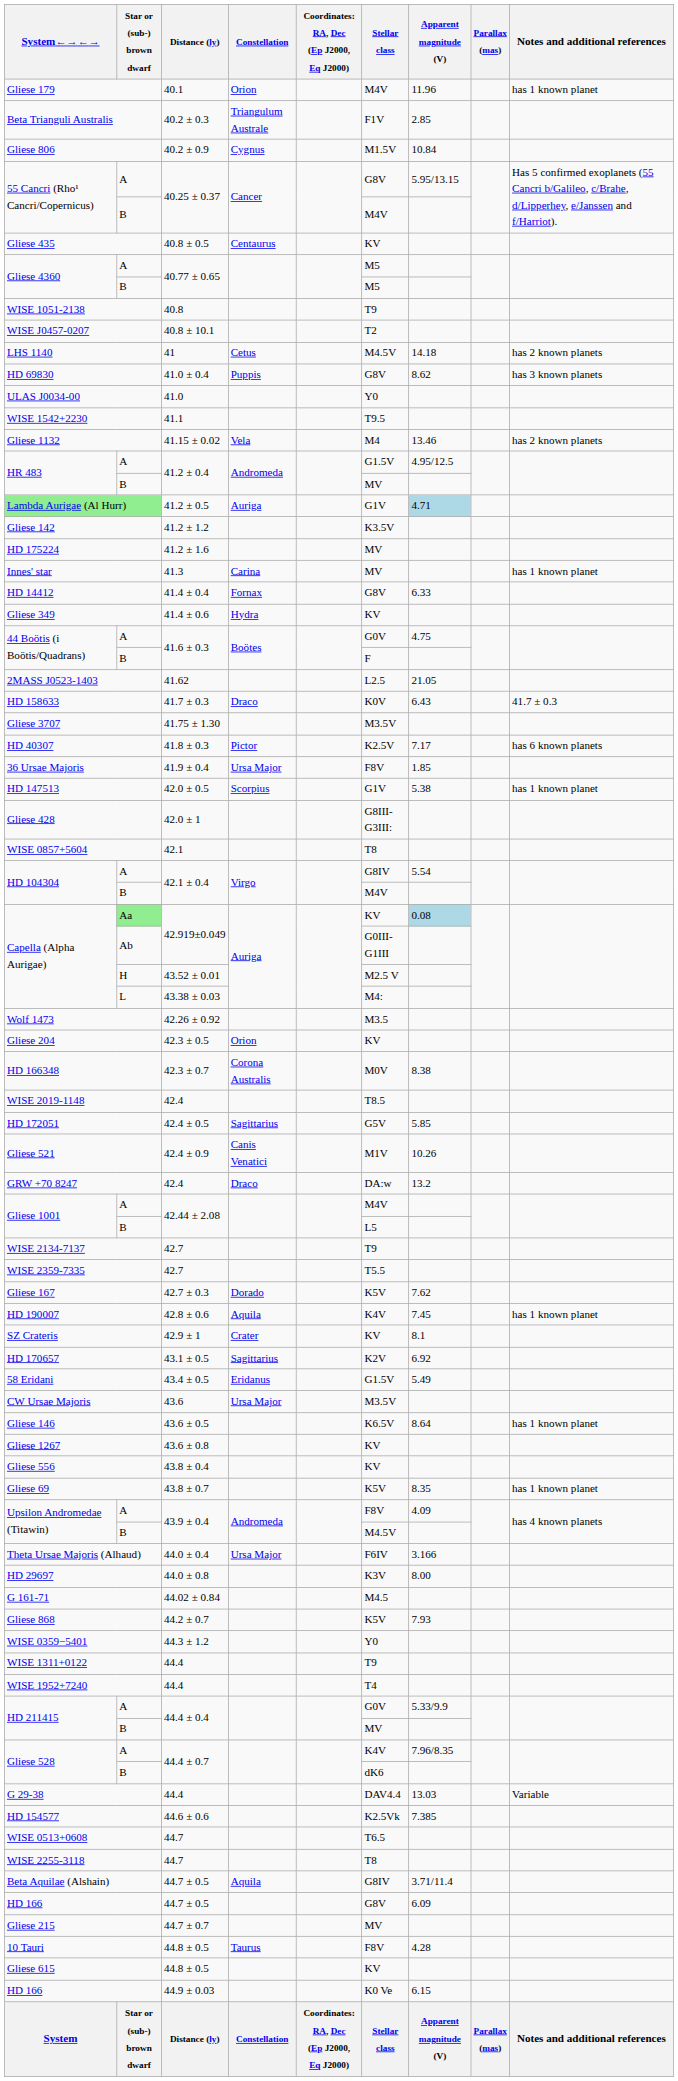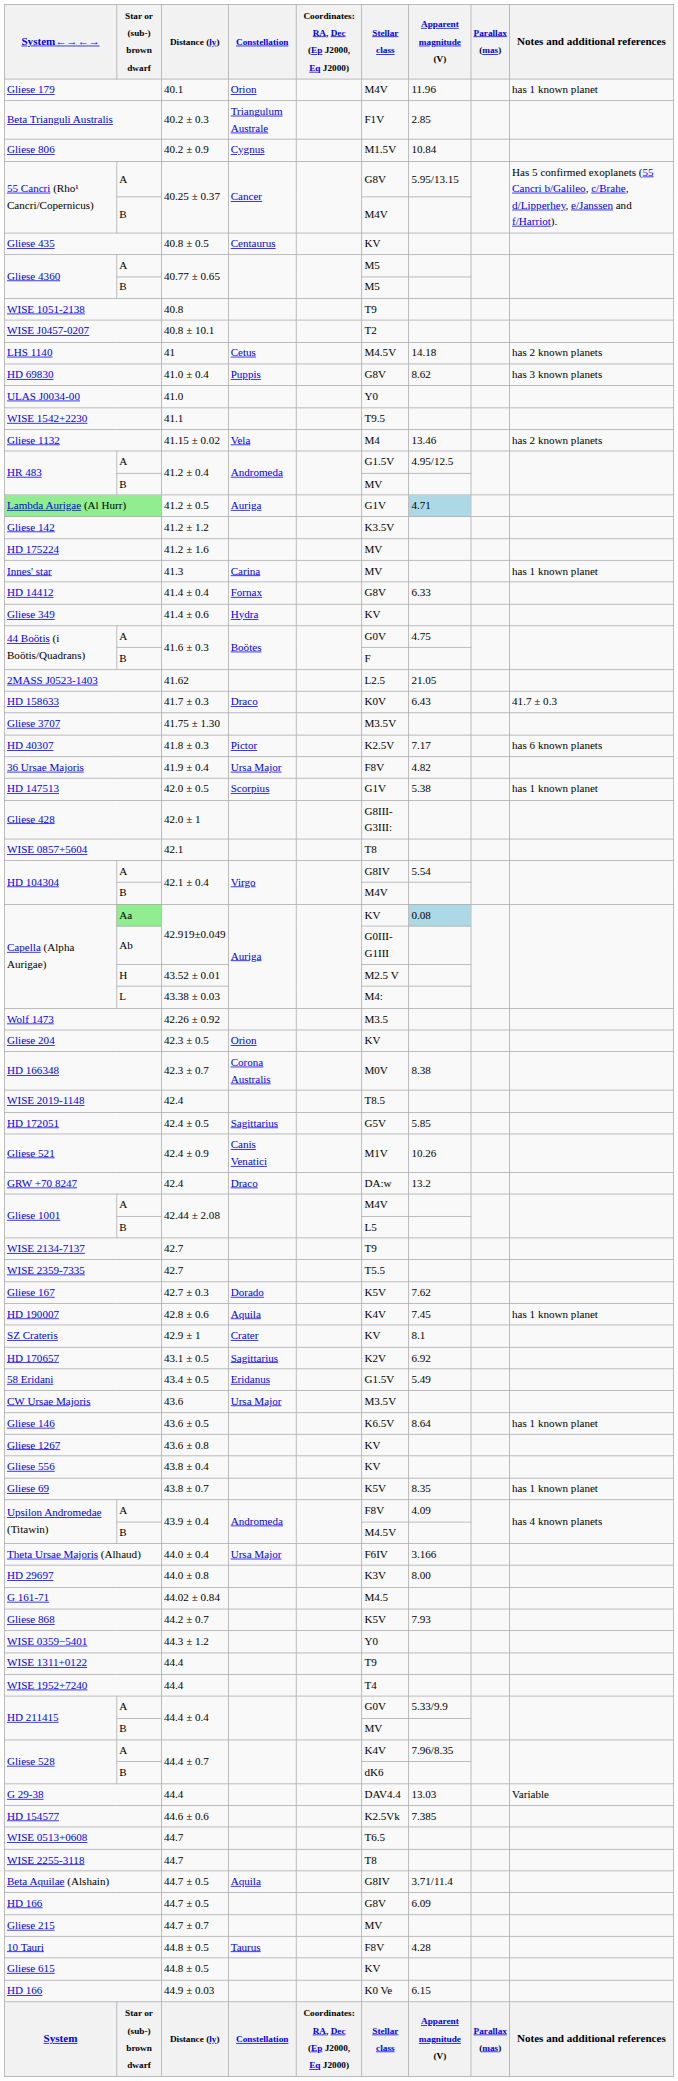 <table class="wikitable sortable" style="font-size:90%; line-height:1.5em; position:relative">
 <tr>
 <th scope="col"><a href='#'>System</a><span><a href='#'>←</a></span><span><a href='#'>→</a></span><span><a href='#'>←</a></span><span><a href='#'>→</a></span></th>
 <th><small>Star or<br>(sub-) brown dwarf</small></th>
 <th scope="col"><small>Distance (<a href='#'>ly</a>)</small></th>
 <th><small><a href='#'>Constellation</a></small></th>
 <th><small>Coordinates:<br><a href='#'>RA</a>, <a href='#'>Dec</a><br>(<a href='#'>Ep</a> J2000, <a href='#'>Eq</a> J2000)</small></th>
 <th scope="col"><small><a href='#'>Stellar<br>class</a></small></th>
 <th scope="col"><small><a href='#'>Apparent magnitude</a><br>(V)</small></th>
 <th scope="col"><small><a href='#'>Parallax</a><br>(<a href='#'>mas</a>)</small></th>
 <th scope="col">Notes and additional references</th>
 </tr>
 <tr>
 <td colspan = '2'><a href='#'>Gliese 179</a></td>
 <td>40.1 </td>
 <td><a href='#'>Orion</a></td>
 <td></td>
 <td style="background: ">M4V</td>
 <td>11.96</td>
 <td></td>
 <td>has 1 known planet</td>
 </tr>
 <tr>
 <td colspan = '2'><a href='#'>Beta Trianguli Australis</a></td>
 <td>40.2 ± 0.3</td>
 <td><a href='#'>Triangulum Australe</a></td>
 <td></td>
 <td style="background: ">F1V</td>
 <td>2.85</td>
 <td></td>
 <td></td>
 </tr>
 <tr>
 <td colspan = '2'><a href='#'>Gliese 806</a></td>
 <td>40.2 ± 0.9</td>
 <td><a href='#'>Cygnus</a></td>
 <td></td>
 <td style="background: ">M1.5V</td>
 <td>10.84</td>
 <td></td>
 <td></td>
 </tr>
 <tr>
 <td rowspan='2'><a href='#'>55 Cancri</a> (Rho¹ Cancri/Copernicus)</td>
 <td>A</td>
 <td rowspan='2'>40.25 ± 0.37</td>
 <td rowspan='2'><a href='#'>Cancer</a></td>
 <td rowspan='2'></td>
 <td style="background: ">G8V</td>
 <td>5.95/13.15</td>
 <td rowspan='2'></td>
 <td rowspan='2'>Has 5 confirmed exoplanets (<a href='#'>55 Cancri b/Galileo</a>, <a href='#'>c/Brahe</a>, <a href='#'>d/Lipperhey</a>, <a href='#'>e/Janssen</a> and <a href='#'>f/Harriot</a>). </td>
 </tr>
 <tr>
 <td>B</td>
 <td style="background: ">M4V</td>
 <td></td>
 </tr>
 <tr>
 <td colspan = '2'><a href='#'>Gliese 435</a></td>
 <td>40.8 ± 0.5</td>
 <td><a href='#'>Centaurus</a></td>
 <td></td>
 <td style="background: ">KV</td>
 <td></td>
 <td></td>
 <td></td>
 </tr>
 <tr>
 <td rowspan='2'><a href='#'>Gliese 4360</a></td>
 <td>A</td>
 <td rowspan='2'>40.77 ± 0.65</td>
 <td rowspan='2'></td>
 <td rowspan='2'></td>
 <td style="background: ">M5</td>
 <td></td>
 <td rowspan='2'></td>
 <td rowspan='2'></td>
 </tr>
 <tr>
 <td>B</td>
 <td style="background: ">M5</td>
 <td></td>
 </tr>
 <tr>
 <td colspan = '2'><a href='#'>WISE 1051-2138</a></td>
 <td>40.8</td>
 <td></td>
 <td></td>
 <td style="background: ">T9</td>
 <td></td>
 <td></td>
 <td></td>
 </tr>
 <tr>
 <td colspan = '2'><a href='#'>WISE J0457-0207</a></td>
 <td>40.8 ± 10.1</td>
 <td></td>
 <td></td>
 <td style="background: ">T2</td>
 <td></td>
 <td></td>
 <td></td>
 </tr>
 <tr>
 <td colspan = '2'><a href='#'>LHS 1140</a></td>
 <td>41</td>
 <td><a href='#'>Cetus</a></td>
 <td></td>
 <td style="background: ">M4.5V</td>
 <td>14.18</td>
 <td></td>
 <td>has 2 known planets</td>
 </tr>
 <tr>
 <td colspan = '2'><a href='#'>HD 69830</a></td>
 <td>41.0 ± 0.4</td>
 <td><a href='#'>Puppis</a></td>
 <td></td>
 <td style="background: ">G8V</td>
 <td>8.62</td>
 <td></td>
 <td>has 3 known planets</td>
 </tr>
 <tr>
 <td colspan = '2'><a href='#'>ULAS J0034-00</a></td>
 <td>41.0 </td>
 <td></td>
 <td></td>
 <td style="background: ">Y0</td>
 <td></td>
 <td></td>
 <td></td>
 </tr>
 <tr>
 <td colspan = '2'><a href='#'>WISE 1542+2230</a></td>
 <td>41.1</td>
 <td></td>
 <td></td>
 <td style="background: ">T9.5</td>
 <td></td>
 <td></td>
 <td></td>
 </tr>
 <tr>
 <td colspan = '2'><a href='#'>Gliese 1132</a></td>
 <td>41.15 ± 0.02</td>
 <td><a href='#'>Vela</a></td>
 <td></td>
 <td style="background: ">M4</td>
 <td>13.46</td>
 <td></td>
 <td>has 2 known planets</td>
 </tr>
 <tr>
 <td rowspan='2'><a href='#'>HR 483</a></td>
 <td>A</td>
 <td rowspan='2'>41.2 ± 0.4</td>
 <td rowspan='2'><a href='#'>Andromeda</a></td>
 <td rowspan='2'></td>
 <td style="background: ">G1.5V</td>
 <td>4.95/12.5</td>
 <td rowspan='2'></td>
 <td rowspan='2'></td>
 </tr>
 <tr>
 <td>B</td>
 <td style="background: ">MV</td>
 <td></td>
 </tr>
 <tr>
 <td colspan = '2' style="background: lightgreen;"><a href='#'>Lambda Aurigae</a> (Al Hurr)</td>
 <td>41.2 ± 0.5</td>
 <td><a href='#'>Auriga</a></td>
 <td></td>
 <td style="background: ">G1V</td>
 <td style="background-color: lightblue">4.71</td>
 <td></td>
 <td></td>
 </tr>
 <tr>
 <td colspan = '2'><a href='#'>Gliese 142</a></td>
 <td>41.2 ± 1.2</td>
 <td></td>
 <td></td>
 <td style="background: ">K3.5V</td>
 <td></td>
 <td></td>
 <td></td>
 </tr>
 <tr>
 <td colspan = '2'><a href='#'>HD 175224</a></td>
 <td>41.2 ± 1.6</td>
 <td></td>
 <td></td>
 <td style="background: ">MV</td>
 <td></td>
 <td></td>
 <td></td>
 </tr>
 <tr>
 <td colspan = '2'><a href='#'>Innes' star</a></td>
 <td>41.3</td>
 <td><a href='#'>Carina</a></td>
 <td></td>
 <td style="background: ">MV</td>
 <td></td>
 <td></td>
 <td>has 1 known planet</td>
 </tr>
 <tr>
 <td colspan = '2'><a href='#'>HD 14412</a></td>
 <td>41.4 ± 0.4</td>
 <td><a href='#'>Fornax</a></td>
 <td></td>
 <td style="background: ">G8V</td>
 <td>6.33</td>
 <td></td>
 <td></td>
 </tr>
 <tr>
 <td colspan = '2'><a href='#'>Gliese 349</a></td>
 <td>41.4 ± 0.6</td>
 <td><a href='#'>Hydra</a></td>
 <td></td>
 <td style="background: ">KV</td>
 <td></td>
 <td></td>
 <td></td>
 </tr>
 <tr>
 <td rowspan='2'><a href='#'>44 Boötis</a> (i Boötis/Quadrans)</td>
 <td>A</td>
 <td rowspan='2'>41.6 ± 0.3</td>
 <td rowspan='2'><a href='#'>Boötes</a></td>
 <td rowspan='2'></td>
 <td style="background: ">G0V</td>
 <td>4.75</td>
 <td rowspan='2'></td>
 <td rowspan='2'></td>
 </tr>
 <tr>
 <td>B</td>
 <td style="background: ">F</td>
 <td></td>
 </tr>
 <tr>
 <td colspan = '2'><a href='#'>2MASS J0523-1403</a></td>
 <td>41.62</td>
 <td></td>
 <td></td>
 <td style="background: ">L2.5</td>
 <td>21.05</td>
 <td></td>
 <td></td>
 </tr>
 <tr>
 <td colspan = '2'><a href='#'>HD 158633</a></td>
 <td>41.7 ± 0.3</td>
 <td><a href='#'>Draco</a></td>
 <td></td>
 <td style="background: ">K0V</td>
 <td>6.43</td>
 <td></td>
 <td>41.7 ± 0.3</td>
 </tr>
 <tr>
 <td colspan = '2'><a href='#'>Gliese 3707</a></td>
 <td>41.75 ± 1.30</td>
 <td></td>
 <td></td>
 <td style="background: ">M3.5V</td>
 <td></td>
 <td></td>
 <td></td>
 </tr>
 <tr>
 <td colspan = '2'><a href='#'>HD 40307</a></td>
 <td>41.8 ± 0.3</td>
 <td><a href='#'>Pictor</a></td>
 <td></td>
 <td style="background: ">K2.5V</td>
 <td>7.17</td>
 <td></td>
 <td>has 6 known planets</td>
 </tr>
 <tr>
 <td colspan = '2'><a href='#'>36 Ursae Majoris</a></td>
 <td>41.9 ± 0.4</td>
 <td><a href='#'>Ursa Major</a></td>
 <td></td>
 <td style="background: ">F8V</td>
-<td>1.85</td>
+<td>4.82</td>
 <td></td>
 <td></td>
 </tr>
 <tr>
 <td colspan = '2'><a href='#'>HD 147513</a></td>
 <td>42.0 ± 0.5</td>
 <td><a href='#'>Scorpius</a></td>
 <td></td>
 <td style="background: ">G1V</td>
 <td>5.38</td>
 <td></td>
 <td>has 1 known planet</td>
 </tr>
 <tr>
 <td colspan = '2'><a href='#'>Gliese 428</a></td>
 <td>42.0 ± 1</td>
 <td></td>
 <td></td>
 <td style="background: ">G8III-G3III:</td>
 <td></td>
 <td></td>
 <td></td>
 </tr>
 <tr>
 <td colspan = '2'><a href='#'>WISE 0857+5604</a></td>
 <td>42.1</td>
 <td></td>
 <td></td>
 <td style="background: ">T8</td>
 <td></td>
 <td></td>
 <td></td>
 </tr>
 <tr>
 <td rowspan='2'><a href='#'>HD 104304</a></td>
 <td>A</td>
 <td rowspan='2'>42.1 ± 0.4</td>
 <td rowspan='2'><a href='#'>Virgo</a></td>
 <td rowspan='2'></td>
 <td style="background: ">G8IV</td>
 <td>5.54</td>
 <td rowspan='2'></td>
 <td rowspan='2'></td>
 </tr>
 <tr>
 <td>B</td>
 <td style="background: ">M4V</td>
 <td></td>
 </tr>
 <tr>
 <td rowspan='4'><a href='#'>Capella</a> (Alpha Aurigae)</td>
 <td style="background: lightgreen;">Aa</td>
 <td rowspan='2'>42.919±0.049</td>
 <td rowspan='4'><a href='#'>Auriga</a></td>
 <td rowspan='4'></td>
 <td style="background: ">KV</td>
 <td style="background-color: lightblue">0.08</td>
 <td rowspan='4'></td>
 <td rowspan='4'></td>
 </tr>
 <tr>
 <td>Ab</td>
 <td style="background: ">G0III-G1III</td>
 <td></td>
 </tr>
 <tr>
 <td>H</td>
 <td>43.52 ± 0.01</td>
 <td style="background: ">M2.5 V</td>
 <td></td>
 </tr>
 <tr>
 <td>L</td>
 <td>43.38 ± 0.03</td>
 <td style="background: ">M4:</td>
 <td></td>
 </tr>
 <tr>
 <td colspan = '2'><a href='#'>Wolf 1473</a></td>
 <td>42.26 ± 0.92</td>
 <td></td>
 <td></td>
 <td style="background: ">M3.5</td>
 <td></td>
 <td></td>
 <td></td>
 </tr>
 <tr>
 <td colspan = '2'><a href='#'>Gliese 204</a></td>
 <td>42.3 ± 0.5</td>
 <td><a href='#'>Orion</a></td>
 <td></td>
 <td style="background: ">KV</td>
 <td></td>
 <td></td>
 <td></td>
 </tr>
 <tr>
 <td colspan = '2'><a href='#'>HD 166348</a></td>
 <td>42.3 ± 0.7</td>
 <td><a href='#'>Corona Australis</a></td>
 <td></td>
 <td style="background: ">M0V</td>
 <td>8.38</td>
 <td></td>
 <td></td>
 </tr>
 <tr>
 <td colspan = '2'><a href='#'>WISE 2019-1148</a></td>
 <td>42.4</td>
 <td></td>
 <td></td>
 <td style="background: ">T8.5</td>
 <td></td>
 <td></td>
 <td></td>
 </tr>
 <tr>
 <td colspan = '2'><a href='#'>HD 172051</a></td>
 <td>42.4 ± 0.5</td>
 <td><a href='#'>Sagittarius</a></td>
 <td></td>
 <td style="background: ">G5V</td>
 <td>5.85</td>
 <td></td>
 <td></td>
 </tr>
 <tr>
 <td colspan = '2'><a href='#'>Gliese 521</a></td>
 <td>42.4 ± 0.9</td>
 <td><a href='#'>Canis Venatici</a></td>
 <td></td>
 <td style="background: ">M1V</td>
 <td>10.26</td>
 <td></td>
 <td></td>
 </tr>
 <tr>
 <td colspan = '2'><a href='#'>GRW +70 8247</a></td>
 <td>42.4 </td>
 <td><a href='#'>Draco</a></td>
 <td></td>
 <td style="background: ">DA:w</td>
 <td>13.2</td>
 <td></td>
 <td></td>
 </tr>
 <tr>
 <td rowspan='2'><a href='#'>Gliese 1001</a></td>
 <td>A</td>
 <td rowspan='2'>42.44 ± 2.08</td>
 <td rowspan='2'></td>
 <td rowspan='2'></td>
 <td style="background: ">M4V</td>
 <td></td>
 <td rowspan='2'></td>
 <td rowspan='2'></td>
 </tr>
 <tr>
 <td>B</td>
 <td style="background: ">L5</td>
 <td></td>
 </tr>
 <tr>
 <td colspan = '2'><a href='#'>WISE 2134-7137</a></td>
 <td>42.7</td>
 <td></td>
 <td></td>
 <td style="background: ">T9</td>
 <td></td>
 <td></td>
 <td></td>
 </tr>
 <tr>
 <td colspan = '2'><a href='#'>WISE 2359-7335</a></td>
 <td>42.7</td>
 <td></td>
 <td></td>
 <td style="background: ">T5.5</td>
 <td></td>
 <td></td>
 <td></td>
 </tr>
 <tr>
 <td colspan = '2'><a href='#'>Gliese 167</a></td>
 <td>42.7 ± 0.3</td>
 <td><a href='#'>Dorado</a></td>
 <td></td>
 <td style="background: ">K5V</td>
 <td>7.62</td>
 <td></td>
 <td></td>
 </tr>
 <tr>
 <td colspan = '2'><a href='#'>HD 190007</a></td>
 <td>42.8 ± 0.6</td>
 <td><a href='#'>Aquila</a></td>
 <td></td>
 <td style="background: ">K4V</td>
 <td>7.45</td>
 <td></td>
 <td>has 1 known planet</td>
 </tr>
 <tr>
 <td colspan = '2'><a href='#'>SZ Crateris</a></td>
 <td>42.9 ± 1</td>
 <td><a href='#'>Crater</a></td>
 <td></td>
 <td style="background: ">KV</td>
 <td>8.1</td>
 <td></td>
 <td></td>
 </tr>
 <tr>
 <td colspan = '2'><a href='#'>HD 170657</a></td>
 <td>43.1 ± 0.5</td>
 <td><a href='#'>Sagittarius</a></td>
 <td></td>
 <td style="background: ">K2V</td>
 <td>6.92</td>
 <td></td>
 <td></td>
 </tr>
 <tr>
 <td colspan = '2'><a href='#'>58 Eridani</a></td>
 <td>43.4 ± 0.5</td>
 <td><a href='#'>Eridanus</a></td>
 <td></td>
 <td style="background: ">G1.5V</td>
 <td>5.49</td>
 <td></td>
 <td></td>
 </tr>
 <tr>
 <td colspan = '2'><a href='#'>CW Ursae Majoris</a></td>
 <td>43.6</td>
 <td><a href='#'>Ursa Major</a></td>
 <td></td>
 <td style="background: ">M3.5V</td>
 <td></td>
 <td></td>
 <td></td>
 </tr>
 <tr>
 <td colspan = '2'><a href='#'>Gliese 146</a></td>
 <td>43.6 ± 0.5</td>
 <td></td>
 <td></td>
 <td style="background: ">K6.5V</td>
 <td>8.64</td>
 <td></td>
 <td>has 1 known planet</td>
 </tr>
 <tr>
 <td colspan = '2'><a href='#'>Gliese 1267</a></td>
 <td>43.6 ± 0.8</td>
 <td></td>
 <td></td>
 <td style="background: ">KV</td>
 <td></td>
 <td></td>
 <td></td>
 </tr>
 <tr>
 <td colspan = '2'><a href='#'>Gliese 556</a></td>
 <td>43.8 ± 0.4</td>
 <td></td>
 <td></td>
 <td style="background: ">KV</td>
 <td></td>
 <td></td>
 <td></td>
 </tr>
 <tr>
 <td colspan = '2'><a href='#'>Gliese 69</a></td>
 <td>43.8 ± 0.7</td>
 <td></td>
 <td></td>
 <td style="background: ">K5V</td>
 <td>8.35</td>
 <td></td>
 <td>has 1 known planet</td>
 </tr>
 <tr>
 <td rowspan='2'><a href='#'>Upsilon Andromedae</a> (Titawin)</td>
 <td>A</td>
 <td rowspan='2'>43.9 ± 0.4</td>
 <td rowspan='2'><a href='#'>Andromeda</a></td>
 <td rowspan='2'></td>
 <td style="background: ">F8V</td>
 <td>4.09</td>
 <td rowspan='2'></td>
 <td rowspan='2'>has 4 known planets</td>
 </tr>
 <tr>
 <td>B</td>
 <td style="background: ">M4.5V</td>
 <td></td>
 </tr>
 <tr>
 <td colspan = '2'><a href='#'>Theta Ursae Majoris</a> (Alhaud)</td>
 <td>44.0 ± 0.4</td>
 <td><a href='#'>Ursa Major</a></td>
 <td></td>
 <td style="background: ">F6IV</td>
 <td>3.166</td>
 <td></td>
 <td></td>
 </tr>
 <tr>
 <td colspan = '2'><a href='#'>HD 29697</a></td>
 <td>44.0 ± 0.8</td>
 <td></td>
 <td></td>
 <td style="background: ">K3V</td>
 <td>8.00</td>
 <td></td>
 <td></td>
 </tr>
 <tr>
 <td colspan = '2'><a href='#'>G 161-71</a></td>
 <td>44.02 ± 0.84</td>
 <td></td>
 <td></td>
 <td style="background: ">M4.5</td>
 <td></td>
 <td></td>
 <td></td>
 </tr>
 <tr>
 <td colspan = '2'><a href='#'>Gliese 868</a></td>
 <td>44.2 ± 0.7</td>
 <td></td>
 <td></td>
 <td style="background: ">K5V</td>
 <td>7.93</td>
 <td></td>
 <td></td>
 </tr>
 <tr>
 <td colspan = '2'><a href='#'>WISE 0359−5401</a></td>
 <td>44.3 ± 1.2</td>
 <td></td>
 <td></td>
 <td style="background: ">Y0</td>
 <td></td>
 <td></td>
 <td></td>
 </tr>
 <tr>
 <td colspan = '2'><a href='#'>WISE 1311+0122</a></td>
 <td>44.4</td>
 <td></td>
 <td></td>
 <td style="background: ">T9</td>
 <td></td>
 <td></td>
 <td></td>
 </tr>
 <tr>
 <td colspan = '2'><a href='#'>WISE 1952+7240</a></td>
 <td>44.4</td>
 <td></td>
 <td></td>
 <td style="background: ">T4</td>
 <td></td>
 <td></td>
 <td></td>
 </tr>
 <tr>
 <td rowspan='2'><a href='#'>HD 211415</a></td>
 <td>A</td>
 <td rowspan='2'>44.4 ± 0.4</td>
 <td rowspan='2'></td>
 <td rowspan='2'></td>
 <td style="background: ">G0V</td>
 <td>5.33/9.9</td>
 <td rowspan='2'></td>
 <td rowspan='2'></td>
 </tr>
 <tr>
 <td>B</td>
 <td style="background: ">MV</td>
 <td></td>
 </tr>
 <tr>
 <td rowspan='2'><a href='#'>Gliese 528</a></td>
 <td>A</td>
 <td rowspan='2'>44.4 ± 0.7</td>
 <td rowspan='2'></td>
 <td rowspan='2'></td>
 <td style="background: ">K4V</td>
 <td>7.96/8.35</td>
 <td rowspan='2'></td>
 <td rowspan='2'></td>
 </tr>
 <tr>
 <td>B</td>
 <td style="background: ">dK6</td>
 <td></td>
 </tr>
 <tr>
 <td colspan = '2'><a href='#'>G 29-38</a></td>
 <td>44.4 </td>
 <td></td>
 <td></td>
 <td style="background: ">DAV4.4</td>
 <td>13.03</td>
 <td></td>
 <td>Variable</td>
 </tr>
 <tr>
 <td colspan = '2'><a href='#'>HD 154577</a></td>
 <td>44.6 ± 0.6</td>
 <td></td>
 <td></td>
 <td style="background: ">K2.5Vk</td>
 <td>7.385</td>
 <td></td>
 <td></td>
 </tr>
 <tr>
 <td colspan = '2'><a href='#'>WISE 0513+0608</a></td>
 <td>44.7</td>
 <td></td>
 <td></td>
 <td style="background: ">T6.5</td>
 <td></td>
 <td></td>
 <td></td>
 </tr>
 <tr>
 <td colspan = '2'><a href='#'>WISE 2255-3118</a></td>
 <td>44.7</td>
 <td></td>
 <td></td>
 <td style="background: ">T8</td>
 <td></td>
 <td></td>
 <td></td>
 </tr>
 <tr>
 <td colspan = '2'><a href='#'>Beta Aquilae</a> (Alshain)</td>
 <td>44.7 ± 0.5</td>
 <td><a href='#'>Aquila</a></td>
 <td></td>
 <td style="background: ">G8IV</td>
 <td>3.71/11.4</td>
 <td></td>
 <td></td>
 </tr>
 <tr>
 <td colspan = '2'><a href='#'>HD 166</a></td>
 <td>44.7 ± 0.5</td>
 <td></td>
 <td></td>
 <td style="background: ">G8V</td>
 <td>6.09</td>
 <td></td>
 <td></td>
 </tr>
 <tr>
 <td colspan = '2'><a href='#'>Gliese 215</a></td>
 <td>44.7 ± 0.7</td>
 <td></td>
 <td></td>
 <td style="background: ">MV</td>
 <td></td>
 <td></td>
 <td></td>
 </tr>
 <tr>
 <td colspan = '2'><a href='#'>10 Tauri</a></td>
 <td>44.8 ± 0.5</td>
 <td><a href='#'>Taurus</a></td>
 <td></td>
 <td style="background: ">F8V</td>
 <td>4.28</td>
 <td></td>
 <td></td>
 </tr>
 <tr>
 <td colspan = '2'><a href='#'>Gliese 615</a></td>
 <td>44.8 ± 0.5</td>
 <td></td>
 <td></td>
 <td style="background: ">KV</td>
 <td></td>
 <td></td>
 <td></td>
 </tr>
 <tr>
 <td colspan = '2'><a href='#'>HD 166</a></td>
 <td>44.9 ± 0.03</td>
 <td></td>
 <td></td>
 <td style="background: ">K0 Ve</td>
 <td>6.15</td>
 <td></td>
 <td></td>
 </tr>
 <tr>
 <th scope="col"><a href='#'>System</a></th>
 <th><small>Star or<br>(sub-) brown dwarf</small></th>
 <th scope="col"><small>Distance (<a href='#'>ly</a>)</small></th>
 <th><small><a href='#'>Constellation</a></small></th>
 <th><small>Coordinates:<br><a href='#'>RA</a>, <a href='#'>Dec</a><br>(<a href='#'>Ep</a> J2000, <a href='#'>Eq</a> J2000)</small></th>
 <th scope="col"><small><a href='#'>Stellar<br>class</a></small></th>
 <th scope="col"><small><a href='#'>Apparent magnitude</a><br>(V)</small></th>
 <th scope="col"><small><a href='#'>Parallax</a><br>(<a href='#'>mas</a>)</small></th>
 <th scope="col">Notes and additional references</th>
 </tr>
 </table>
